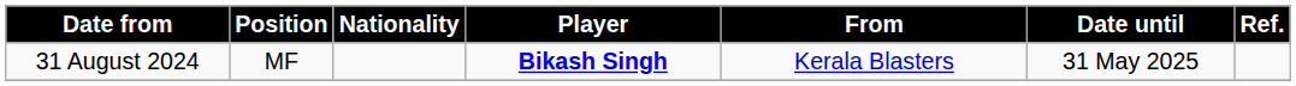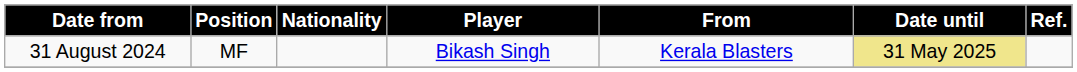 <table class="wikitable" style="text-align:center;font-size:90%">
 <tr>
 <th style="background:black;color:#FFFFFF;width:130px">Date from</th>
 <th style="background:black;color:#FFFFFF;width:50px">Position</th>
 <th style="background:black;color:#FFFFFF;width:50px">Nationality</th>
 <th style="background:black;color:#FFFFFF;width:150px">Player</th>
 <th style="background:black;color:#FFFFFF;width:180px">From</th>
 <th style="background:black;color:#FFFFFF;width:120px">Date until</th>
 <th style="background:black;color:#FFFFFF;width:25px">Ref.</th>
 </tr>
 <tr>
 <td>31 August 2024</td>
 <td>MF</td>
 <td></td>
-<td><strong><a href='#'>Bikash Singh</a></strong></td>
+<td><a href='#'>Bikash Singh</a></td>
 <td> <a href='#'>Kerala Blasters</a></td>
-<td>31 May 2025</td>
+<td style="background: khaki;">31 May 2025</td>
 <td></td>
 </tr>
 <tr>
 </tr>
 </table>
